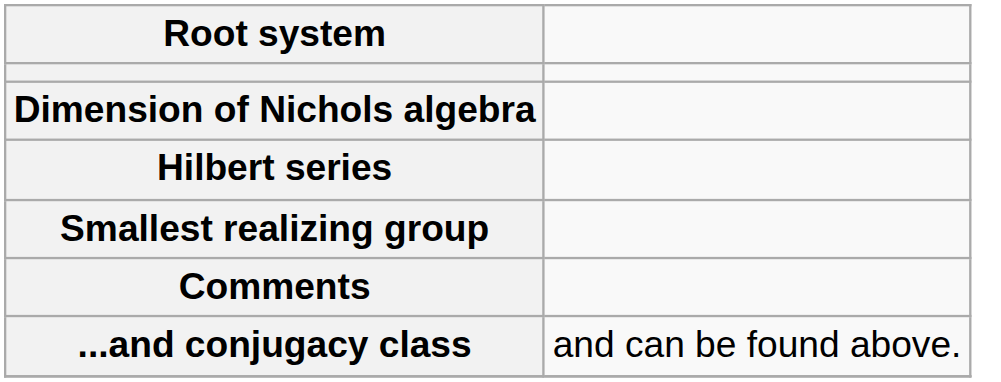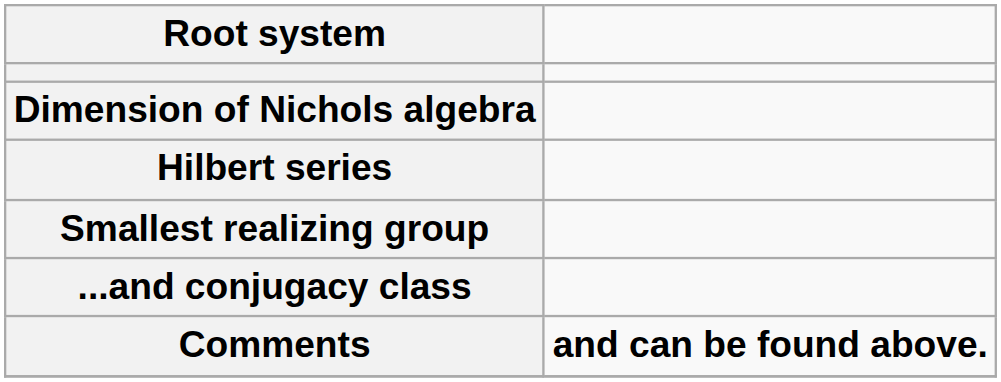 <table class="wikitable">
 <tr>
 <th>Root system</th>
 <td></td>
 </tr>
 <tr>
 <th></th>
 <td></td>
 </tr>
 <tr>
 <th>Dimension of Nichols algebra</th>
 <td></td>
 </tr>
 <tr>
 <th>Hilbert series</th>
 <td></td>
 </tr>
 <tr>
 <th>Smallest realizing group</th>
 <td></td>
 </tr>
 <tr>
-<th>Comments</th>
+<th>...and conjugacy class</th>
 <td></td>
 </tr>
 <tr>
-<th>...and conjugacy class</th>
-<td> and can be found above.</td>
+<th>Comments</th>
+<td><strong> and can be found above.</strong></td>
 </tr>
 <tr>
 </tr>
 </table>
